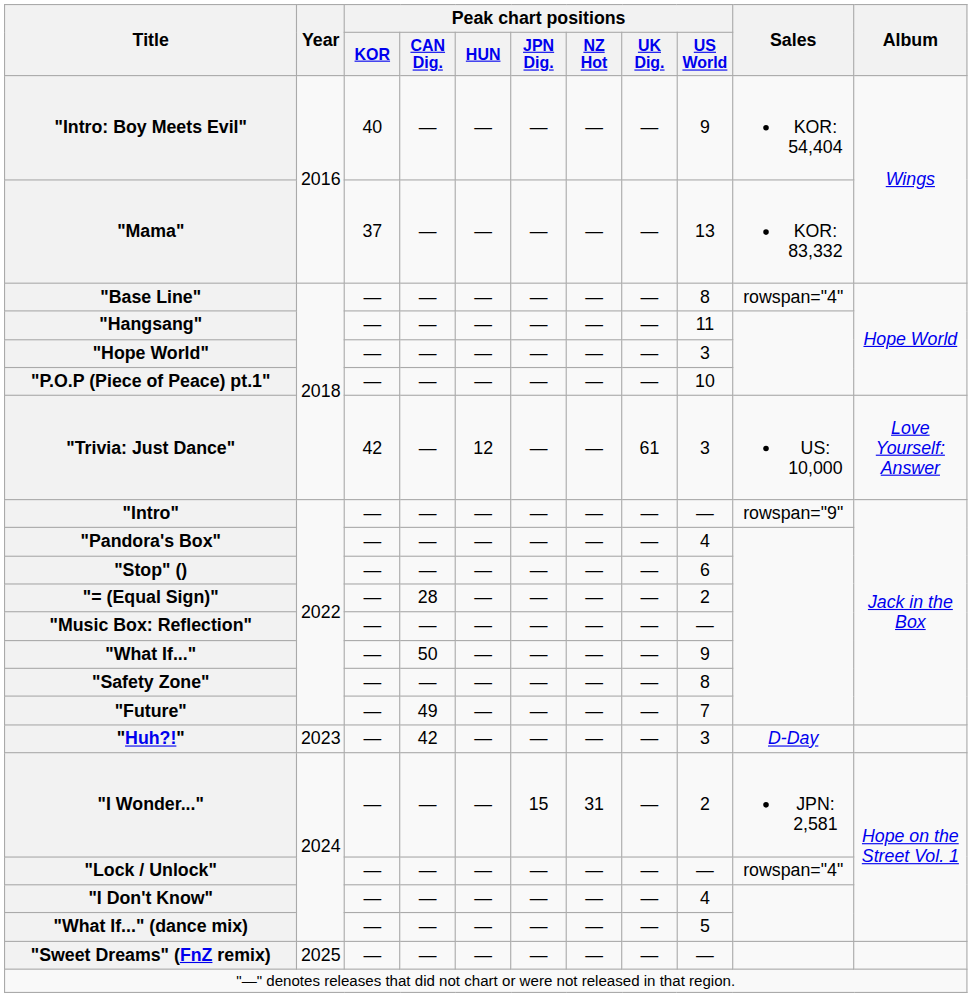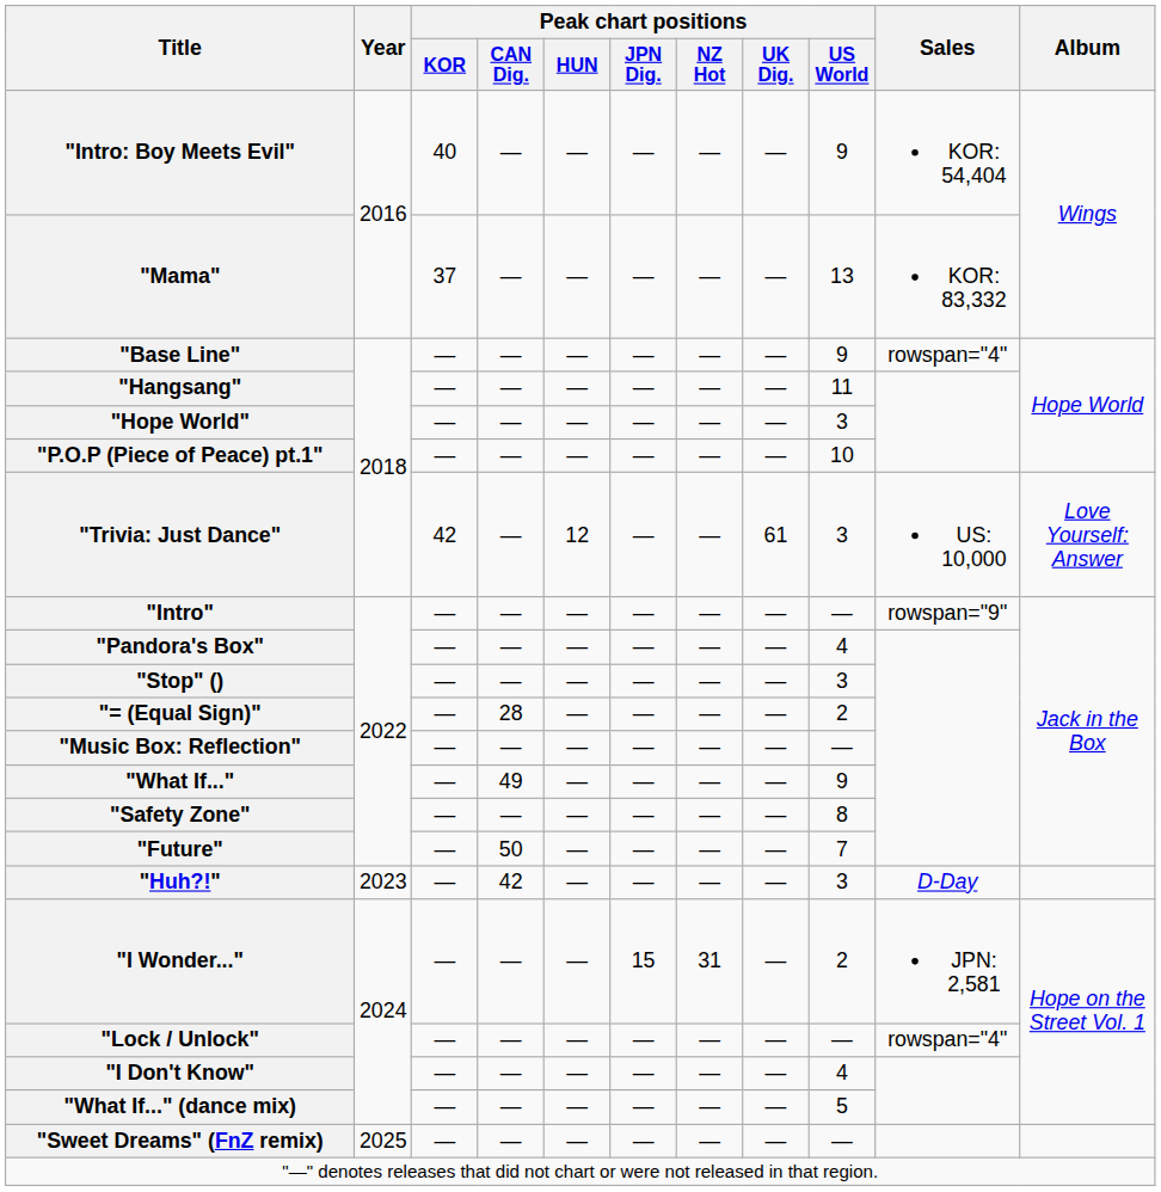 <table class="wikitable plainrowheaders" style="text-align:center;">
 <tr>
 <th rowspan="2" style="width:16em;">Title</th>
 <th scope="col" rowspan="2">Year</th>
 <th scope="col" colspan="7">Peak chart positions</th>
 <th scope="col" rowspan="2">Sales</th>
 <th scope="col" rowspan="2">Album</th>
 </tr>
 <tr>
 <th scope="col" style="width:3em;font-size:90%;"><a href='#'>KOR</a><br></th>
 <th scope=col style="width:3em;font-size:90%;"><a href='#'>CAN<br>Dig.</a><br></th>
 <th scope=col style="width:3em;font-size:90%;"><a href='#'>HUN</a><br></th>
 <th scope="col" style="width:3em;font-size:90%;"><a href='#'>JPN<br>Dig.</a><br></th>
 <th scope="col" style="width:3em;font-size:90%;"><a href='#'>NZ<br>Hot</a><br></th>
 <th scope="col" style="width:3em;font-size:90%;"><a href='#'>UK<br>Dig.</a><br></th>
 <th scope="col" style="width:3em;font-size:90%;"><a href='#'>US World</a><br></th>
 </tr>
 <tr>
 <th scope="row">"Intro: Boy Meets Evil"</th>
 <td rowspan="2">2016</td>
 <td>40</td>
 <td>—</td>
 <td>—</td>
 <td>—</td>
 <td>—</td>
 <td>—</td>
 <td>9</td>
 <td><br><ul><li>KOR: 54,404</li></ul></td>
 <td rowspan="2"><em><a href='#'>Wings</a></em></td>
 </tr>
 <tr>
 <th scope="row">"Mama"</th>
 <td>37</td>
 <td>—</td>
 <td>—</td>
 <td>—</td>
 <td>—</td>
 <td>—</td>
 <td>13</td>
 <td><br><ul><li>KOR: 83,332</li></ul></td>
 </tr>
 <tr>
 <th scope="row">"Base Line"</th>
 <td rowspan="5">2018</td>
 <td>—</td>
 <td>—</td>
 <td>—</td>
 <td>—</td>
 <td>—</td>
 <td>—</td>
-<td>8</td>
+<td>9</td>
 <td>rowspan="4" </td>
 <td rowspan="4"><em><a href='#'>Hope World</a></em></td>
 </tr>
 <tr>
 <th scope="row">"Hangsang"<br></th>
 <td>—</td>
 <td>—</td>
 <td>—</td>
 <td>—</td>
 <td>—</td>
 <td>—</td>
 <td>11</td>
 </tr>
 <tr>
 <th scope="row">"Hope World"</th>
 <td>—</td>
 <td>—</td>
 <td>—</td>
 <td>—</td>
 <td>—</td>
 <td>—</td>
 <td>3</td>
 </tr>
 <tr>
 <th scope="row">"P.O.P (Piece of Peace) pt.1"</th>
 <td>—</td>
 <td>—</td>
 <td>—</td>
 <td>—</td>
 <td>—</td>
 <td>—</td>
 <td>10</td>
 </tr>
 <tr>
 <th scope="row">"Trivia: Just Dance"</th>
 <td>42</td>
 <td>—</td>
 <td>12</td>
 <td>—</td>
 <td>—</td>
 <td>61</td>
 <td>3</td>
 <td><br><ul><li>US: 10,000</li></ul></td>
 <td><em><a href='#'>Love Yourself: Answer</a></em></td>
 </tr>
 <tr>
 <th scope="row">"Intro"</th>
 <td rowspan="8">2022</td>
 <td>—</td>
 <td>—</td>
 <td>—</td>
 <td>—</td>
 <td>—</td>
 <td>—</td>
 <td>—</td>
 <td>rowspan="9" </td>
 <td rowspan="8"><em><a href='#'>Jack in the Box</a></em></td>
 </tr>
 <tr>
 <th scope="row">"Pandora's Box"</th>
 <td>—</td>
 <td>—</td>
 <td>—</td>
 <td>—</td>
 <td>—</td>
 <td>—</td>
 <td>4</td>
 </tr>
 <tr>
 <th scope="row">"Stop" ()</th>
 <td>—</td>
 <td>—</td>
 <td>—</td>
 <td>—</td>
 <td>—</td>
 <td>—</td>
-<td>6</td>
+<td>3</td>
 </tr>
 <tr>
 <th scope="row">"= (Equal Sign)"</th>
 <td>—</td>
 <td>28</td>
 <td>—</td>
 <td>—</td>
 <td>—</td>
 <td>—</td>
 <td>2</td>
 </tr>
 <tr>
 <th scope="row">"Music Box: Reflection"</th>
 <td>—</td>
 <td>—</td>
 <td>—</td>
 <td>—</td>
 <td>—</td>
 <td>—</td>
 <td>—</td>
 </tr>
 <tr>
 <th scope="row">"What If..."</th>
 <td>—</td>
-<td>50</td>
+<td>49</td>
 <td>—</td>
 <td>—</td>
 <td>—</td>
 <td>—</td>
 <td>9</td>
 </tr>
 <tr>
 <th scope="row">"Safety Zone"</th>
 <td>—</td>
 <td>—</td>
 <td>—</td>
 <td>—</td>
 <td>—</td>
 <td>—</td>
 <td>8</td>
 </tr>
 <tr>
 <th scope="row">"Future"</th>
 <td>—</td>
-<td>49</td>
+<td>50</td>
 <td>—</td>
 <td>—</td>
 <td>—</td>
 <td>—</td>
 <td>7</td>
 </tr>
 <tr>
 <th scope="row">"<a href='#'>Huh?!</a>"<br></th>
 <td>2023</td>
 <td>—</td>
 <td>42</td>
 <td>—</td>
 <td>—</td>
 <td>—</td>
 <td>—</td>
 <td>3</td>
 <td><em><a href='#'>D-Day</a></em></td>
 </tr>
 <tr>
 <th scope="row">"I Wonder..."<br></th>
 <td rowspan="4">2024</td>
 <td>—</td>
 <td>—</td>
 <td>—</td>
 <td>15</td>
 <td>31</td>
 <td>—</td>
 <td>2</td>
 <td><br><ul><li>JPN: 2,581</li></ul></td>
 <td rowspan="4"><em><a href='#'>Hope on the Street Vol. 1</a></em></td>
 </tr>
 <tr>
 <th scope="row">"Lock / Unlock"<br></th>
 <td>—</td>
 <td>—</td>
 <td>—</td>
 <td>—</td>
 <td>—</td>
 <td>—</td>
 <td>—</td>
 <td>rowspan="4" </td>
 </tr>
 <tr>
 <th scope="row">"I Don't Know"<br></th>
 <td>—</td>
 <td>—</td>
 <td>—</td>
 <td>—</td>
 <td>—</td>
 <td>—</td>
 <td>4</td>
 </tr>
 <tr>
 <th scope="row">"What If..." (dance mix)<br></th>
 <td>—</td>
 <td>—</td>
 <td>—</td>
 <td>—</td>
 <td>—</td>
 <td>—</td>
 <td>5</td>
 </tr>
 <tr>
 <th scope="row">"Sweet Dreams" (<a href='#'>FnZ</a> remix)<br></th>
 <td>2025</td>
 <td>—</td>
 <td>—</td>
 <td>—</td>
 <td>—</td>
 <td>—</td>
 <td>—</td>
 <td>—</td>
 <td></td>
 </tr>
 <tr>
 <td colspan="11" style="font-size:85%">"—" denotes releases that did not chart or were not released in that region.</td>
 </tr>
 </table>
